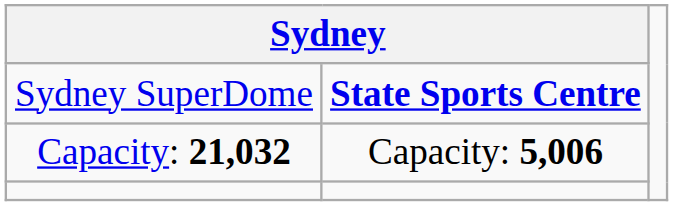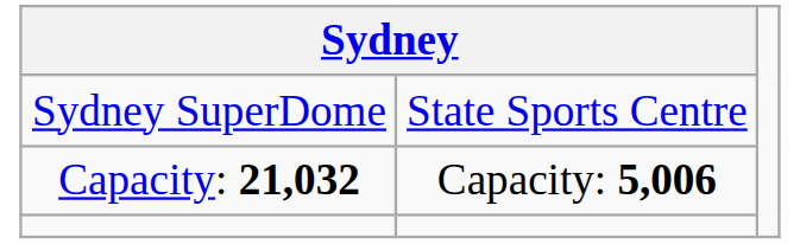 <table class="wikitable" style="text-align:center;margin:1em auto;">
 <tr>
 <th colspan=2><a href='#'>Sydney</a></th>
 <td rowspan="4"><br></td>
 </tr>
 <tr>
 <td><a href='#'>Sydney SuperDome</a></td>
-<td><strong><a href='#'>State Sports Centre</a></strong></td>
+<td><a href='#'>State Sports Centre</a></td>
 </tr>
 <tr>
 <td><a href='#'>Capacity</a>: <strong>21,032</strong></td>
 <td>Capacity: <strong>5,006</strong></td>
 </tr>
 <tr>
 <td></td>
 <td></td>
 </tr>
 </table>
